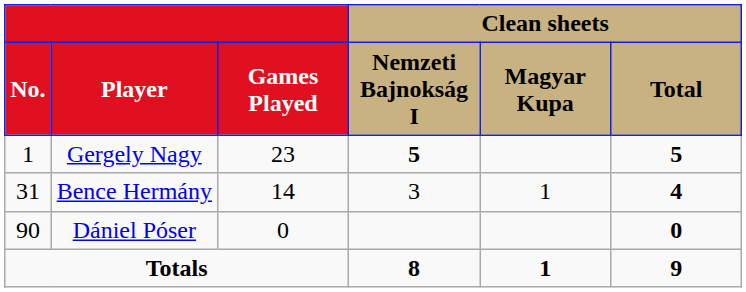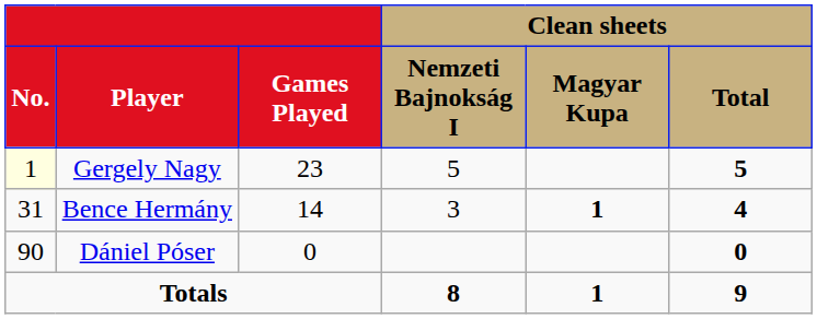 <table class="wikitable sortable alternance" style="text-align:center">
 <tr>
 <th colspan="3" style="background:#E01020;border:1px solid #0E22E9"></th>
 <th colspan="4" style="background:#C8B281;color:black;border:1px solid #0E22E9">Clean sheets</th>
 </tr>
 <tr>
 <th style="background-color:#E01020;color:white;border:1px solid #0E22E9">No.</th>
 <th style="background-color:#E01020;color:white;border:1px solid #0E22E9">Player</th>
 <th width=80 style="background-color:#E01020;color:white;border:1px solid #0E22E9">Games Played</th>
 <th width=80 style="background-color:#C8B281;color:black;border:1px solid #0E22E9">Nemzeti Bajnokság I</th>
 <th width=80 style="background-color:#C8B281;color:black;border:1px solid #0E22E9">Magyar Kupa</th>
 <th width=80 style="background-color:#C8B281;color:black;border:1px solid #0E22E9">Total</th>
 </tr>
 <tr>
-<td>1</td>
+<td style="background: lightyellow;">1</td>
 <td> <a href='#'>Gergely Nagy</a></td>
 <td>23</td>
-<td><strong>5</strong></td>
+<td>5</td>
 <td></td>
 <td><strong>5</strong></td>
 </tr>
 <tr>
 <td>31</td>
 <td> <a href='#'>Bence Hermány</a></td>
 <td>14</td>
 <td>3</td>
-<td>1</td>
+<td><strong>1</strong></td>
 <td><strong>4</strong></td>
 </tr>
 <tr>
 <td>90</td>
 <td> <a href='#'>Dániel Póser</a></td>
 <td>0</td>
 <td></td>
 <td></td>
 <td><strong>0</strong></td>
 </tr>
 <tr class="sortbottom">
 <td colspan="3"><strong>Totals</strong></td>
 <td><strong>8</strong></td>
 <td><strong>1</strong></td>
 <td><strong>9</strong></td>
 </tr>
 </table>
